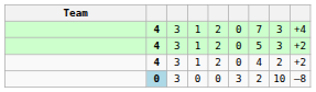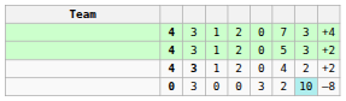 <table class="wikitable" style="text-align:center">
 <tr>
 <th width="175">Team</th>
 <th width="20"></th>
 <th width="20"></th>
 <th width="20"></th>
 <th width="20"></th>
 <th width="20"></th>
 <th width="20"></th>
 <th width="20"></th>
 <th width="20"></th>
 </tr>
 <tr bgcolor=#CCFFCC>
 <td align=left></td>
 <td><strong>4</strong></td>
 <td>3</td>
 <td>1</td>
 <td>2</td>
 <td>0</td>
 <td>7</td>
 <td>3</td>
 <td>+4</td>
 </tr>
 <tr bgcolor=#CCFFCC>
 <td align=left></td>
 <td><strong>4</strong></td>
 <td>3</td>
 <td>1</td>
 <td>2</td>
 <td>0</td>
 <td>5</td>
 <td>3</td>
 <td>+2</td>
 </tr>
 <tr>
 <td align=left></td>
 <td><strong>4</strong></td>
-<td>3</td>
+<td><strong>3</strong></td>
 <td>1</td>
 <td>2</td>
 <td>0</td>
 <td>4</td>
 <td>2</td>
 <td>+2</td>
 </tr>
 <tr>
 <td align=left></td>
-<td style="background: lightblue;"><strong>0</strong></td>
+<td><strong>0</strong></td>
 <td>3</td>
 <td>0</td>
 <td>0</td>
 <td>3</td>
 <td>2</td>
-<td>10</td>
+<td style="background: paleturquoise;">10</td>
 <td>–8</td>
 </tr>
 </table>
